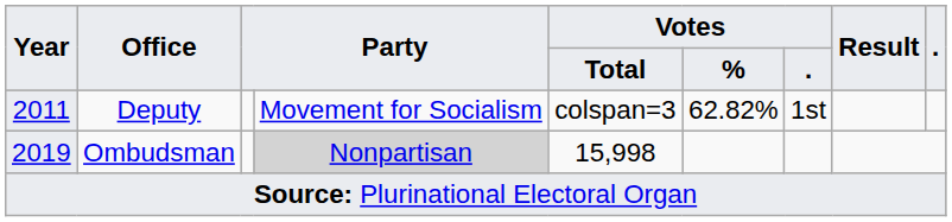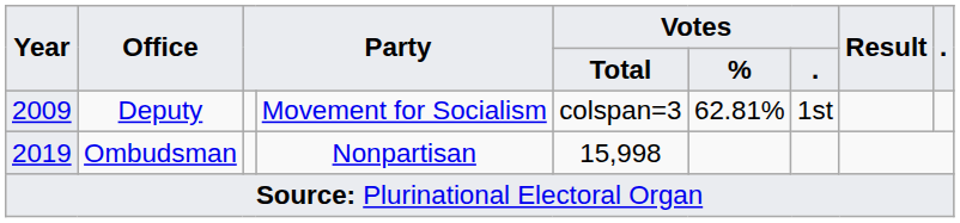 <table class="wikitable" style="font-size:90%; text-align:center;">
 <tr>
 <th style="background-color:#EAECF0;" rowspan=2>Year</th>
 <th style="background-color:#EAECF0;" rowspan=2>Office</th>
 <th style="background-color:#EAECF0;" colspan=2 rowspan=2>Party</th>
 <th style="background-color:#EAECF0;" colspan=3>Votes</th>
 <th style="background-color:#EAECF0;" rowspan=2>Result</th>
 <th style="background-color:#EAECF0;" rowspan=2>.</th>
 </tr>
 <tr>
 <th style="background-color:#EAECF0;">Total</th>
 <th style="background-color:#EAECF0;">%</th>
 <th style="background-color:#EAECF0;">.</th>
 </tr>
 <tr>
-<td style="background-color:#EAECF0;"><a href='#'>2011</a></td>
+<td style="background-color:#EAECF0;"><a href='#'>2009</a></td>
 <td><a href='#'>Deputy</a></td>
 <td style="background-color:"></td>
 <td><a href='#'>Movement for Socialism</a></td>
 <td>colspan=3 </td>
-<td>62.82%</td>
+<td>62.81%</td>
 <td>1st</td>
 <td></td>
 <td></td>
 </tr>
 <tr>
 <td style="background-color:#EAECF0;"><a href='#'>2019</a></td>
 <td><a href='#'>Ombudsman</a></td>
 <td style="background-color:"></td>
-<td style="background: lightgrey;"><a href='#'>Nonpartisan</a></td>
+<td><a href='#'>Nonpartisan</a></td>
 <td>15,998</td>
 <td></td>
 <td></td>
 </tr>
 <tr>
 <td style="background-color:#EAECF0;" colspan=9><strong>Source:</strong> <a href='#'>Plurinational Electoral Organ</a>  </td>
 </tr>
 </table>
